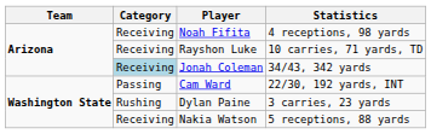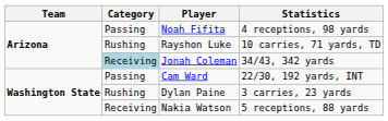 <table class="wikitable" style="float: right;">
 <tr>
 <th>Team</th>
 <th>Category</th>
 <th>Player</th>
 <th>Statistics</th>
 </tr>
 <tr>
 <td rowspan=3><strong>Arizona</strong></td>
-<td>Receiving</td>
+<td>Passing</td>
 <td><a href='#'>Noah Fifita</a></td>
 <td>4 receptions, 98 yards</td>
 </tr>
 <tr>
-<td>Receiving</td>
+<td>Rushing</td>
 <td>Rayshon Luke</td>
 <td>10 carries, 71 yards, TD</td>
 </tr>
 <tr>
 <td style="background: lightblue;">Receiving</td>
 <td><a href='#'>Jonah Coleman</a></td>
 <td>34/43, 342 yards</td>
 </tr>
 <tr>
 <td rowspan=3><strong>Washington State</strong></td>
 <td>Passing</td>
 <td><a href='#'>Cam Ward</a></td>
 <td>22/30, 192 yards, INT</td>
 </tr>
 <tr>
 <td>Rushing</td>
 <td>Dylan Paine</td>
 <td>3 carries, 23 yards</td>
 </tr>
 <tr>
 <td>Receiving</td>
 <td>Nakia Watson</td>
 <td>5 receptions, 88 yards</td>
 </tr>
 </table>
